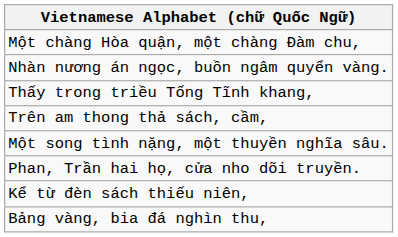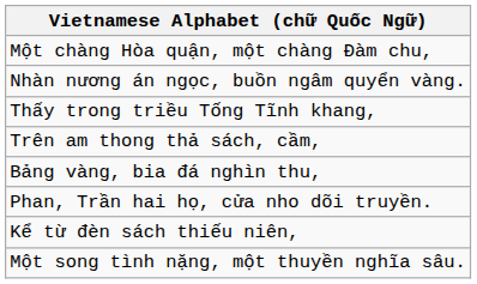 <table class="wikitable">
 <tr>
 <th>Vietnamese Alphabet (chữ Quốc Ngữ)</th>
 </tr>
 <tr>
 <td>Một chàng Hòa quận, một chàng Đàm chu,</td>
 </tr>
 <tr>
 <td>Nhàn nương án ngọc, buồn ngâm quyển vàng.</td>
 </tr>
 <tr>
 <td>Thấy trong triều Tống Tĩnh khang,</td>
 </tr>
 <tr>
 <td>Trên am thong thả sách, cầm,</td>
 </tr>
 <tr>
-<td>Một song tình nặng, một thuyền nghĩa sâu.</td>
+<td>Bảng vàng, bia đá nghìn thu,</td>
 </tr>
 <tr>
 <td>Phan, Trần hai họ, cửa nho dõi truyền.</td>
 </tr>
 <tr>
 <td>Kể từ đèn sách thiếu niên,</td>
 </tr>
 <tr>
-<td>Bảng vàng, bia đá nghìn thu,</td>
+<td>Một song tình nặng, một thuyền nghĩa sâu.</td>
 </tr>
 </table>
